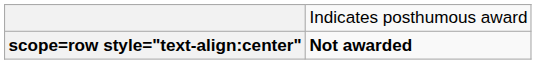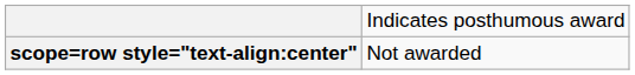 <table class="wikitable plainrowheaders">
 <tr>
 <th scope=row style="text-align:center"></th>
 <td>Indicates posthumous award</td>
 </tr>
 <tr>
 <th>scope=row style="text-align:center" </th>
-<td><strong>Not awarded</strong></td>
+<td>Not awarded</td>
 </tr>
 </table>
